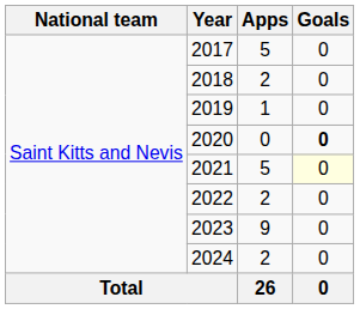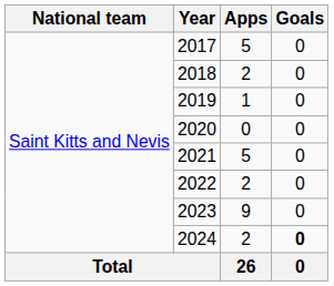 <table class="wikitable" style="text-align:center">
 <tr>
 <th>National team</th>
 <th>Year</th>
 <th>Apps</th>
 <th>Goals</th>
 </tr>
 <tr>
 <td rowspan="8"><a href='#'>Saint Kitts and Nevis</a></td>
 <td>2017</td>
 <td>5</td>
 <td>0</td>
 </tr>
 <tr>
 <td>2018</td>
 <td>2</td>
 <td>0</td>
 </tr>
 <tr>
 <td>2019</td>
 <td>1</td>
 <td>0</td>
 </tr>
 <tr>
 <td>2020</td>
 <td>0</td>
-<td><strong>0</strong></td>
+<td>0</td>
 </tr>
 <tr>
 <td>2021</td>
 <td>5</td>
-<td style="background: lightyellow;">0</td>
+<td>0</td>
 </tr>
 <tr>
 <td>2022</td>
 <td>2</td>
 <td>0</td>
 </tr>
 <tr>
 <td>2023</td>
 <td>9</td>
 <td>0</td>
 </tr>
 <tr>
 <td>2024</td>
 <td>2</td>
-<td>0</td>
+<td><strong>0</strong></td>
 </tr>
 <tr>
 <th colspan=2>Total</th>
 <th>26</th>
 <th>0</th>
 </tr>
 </table>
